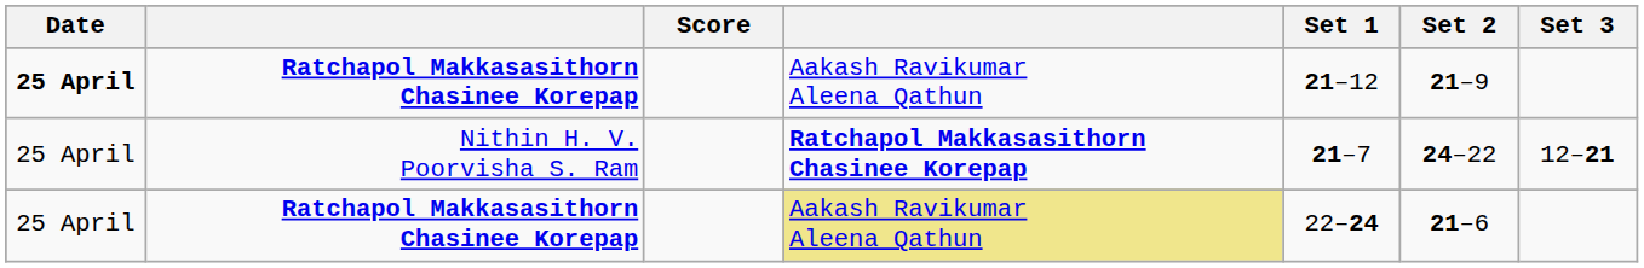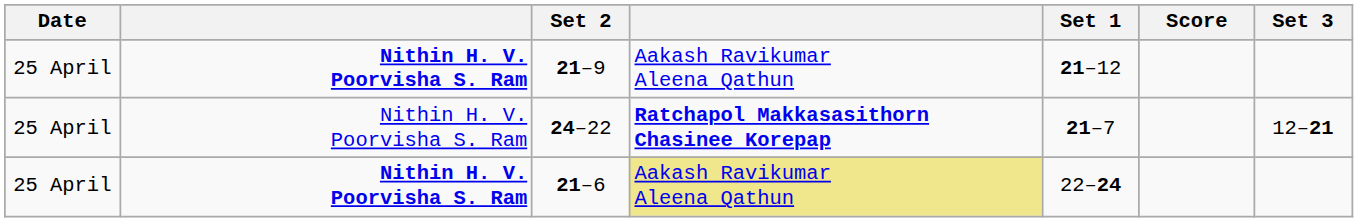 <table class="wikitable" style="text-align: center; font-size:90%">
 <tr>
 <th width="60">Date</th>
 <th align="right" width="230"></th>
-<th width="60">Score</th>
+<th width="50">Set 2</th>
 <th align="left" width="230"></th>
 <th width="50">Set 1</th>
-<th width="50">Set 2</th>
+<th width="60">Score</th>
 <th width="50">Set 3</th>
 </tr>
 <tr>
-<td><strong>25 April<br></strong></td>
-<td align="right"><strong><a href='#'>Ratchapol Makkasasithorn</a> <br><a href='#'>Chasinee Korepap</a> </strong></td>
-<td align="center"></td>
+<td>25 April<br></td>
+<td align="right"><strong><a href='#'>Nithin H. V.</a> <br><a href='#'>Poorvisha S. Ram</a> </strong></td>
+<td><strong>21</strong>–9</td>
 <td align="left"> <a href='#'>Aakash Ravikumar</a><br> <a href='#'>Aleena Qathun</a></td>
 <td><strong>21</strong>–12</td>
-<td><strong>21</strong>–9</td>
+<td align="center"></td>
 <td></td>
 </tr>
 <tr>
 <td>25 April<br></td>
 <td align="right"><a href='#'>Nithin H. V.</a> <br><a href='#'>Poorvisha S. Ram</a> </td>
-<td align="center"></td>
+<td><strong>24</strong>–22</td>
 <td align="left"><strong> <a href='#'>Ratchapol Makkasasithorn</a><br> <a href='#'>Chasinee Korepap</a></strong></td>
 <td><strong>21</strong>–7</td>
-<td><strong>24</strong>–22</td>
+<td align="center"></td>
 <td>12–<strong>21</strong></td>
 </tr>
 <tr>
 <td>25 April<br></td>
-<td align="right"><strong><a href='#'>Ratchapol Makkasasithorn</a> <br><a href='#'>Chasinee Korepap</a> </strong></td>
-<td align="center"></td>
+<td align="right"><strong><a href='#'>Nithin H. V.</a> <br><a href='#'>Poorvisha S. Ram</a> </strong></td>
+<td><strong>21</strong>–6</td>
 <td align="left" style="background: khaki;"> <a href='#'>Aakash Ravikumar</a><br> <a href='#'>Aleena Qathun</a></td>
 <td>22–<strong>24</strong></td>
-<td><strong>21</strong>–6</td>
+<td align="center"></td>
 <td></td>
 </tr>
 </table>
